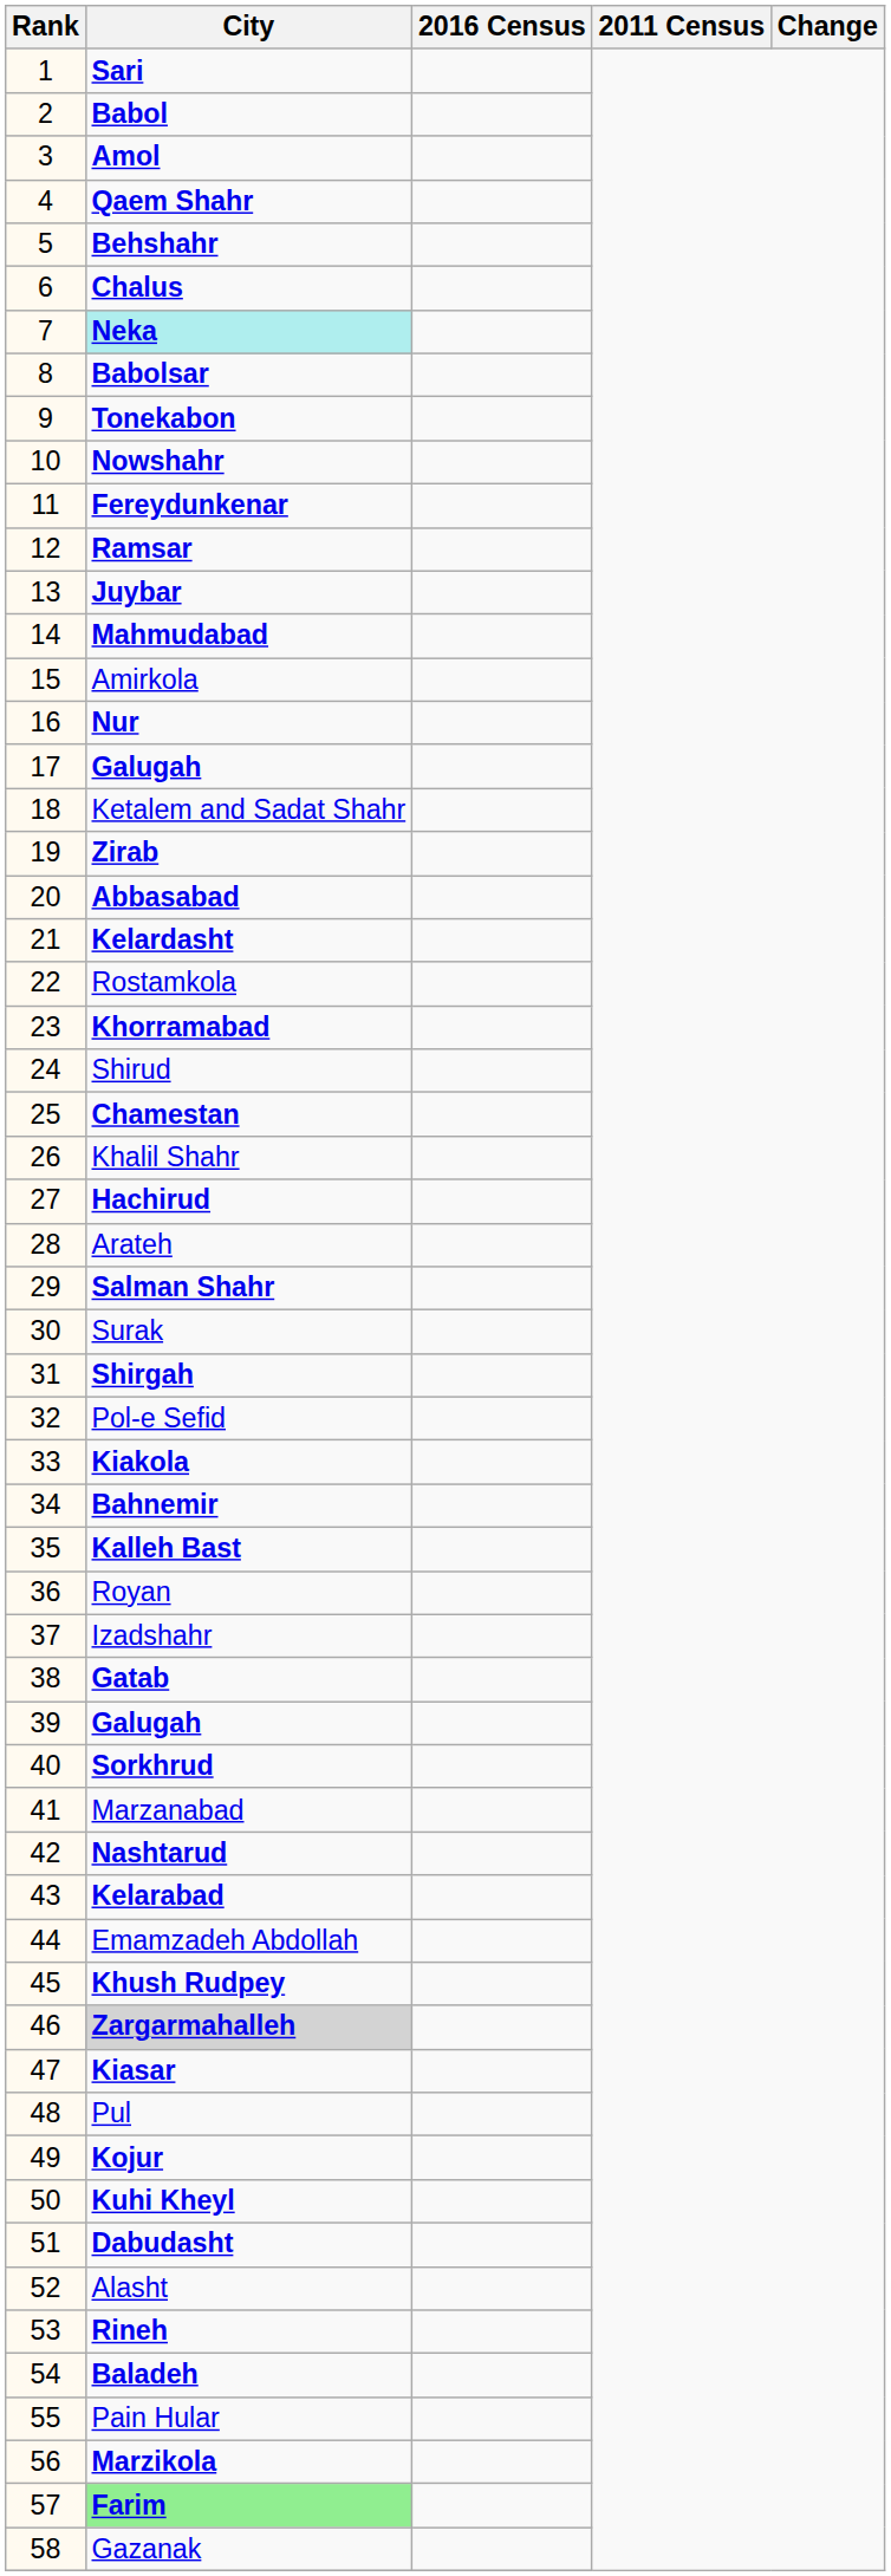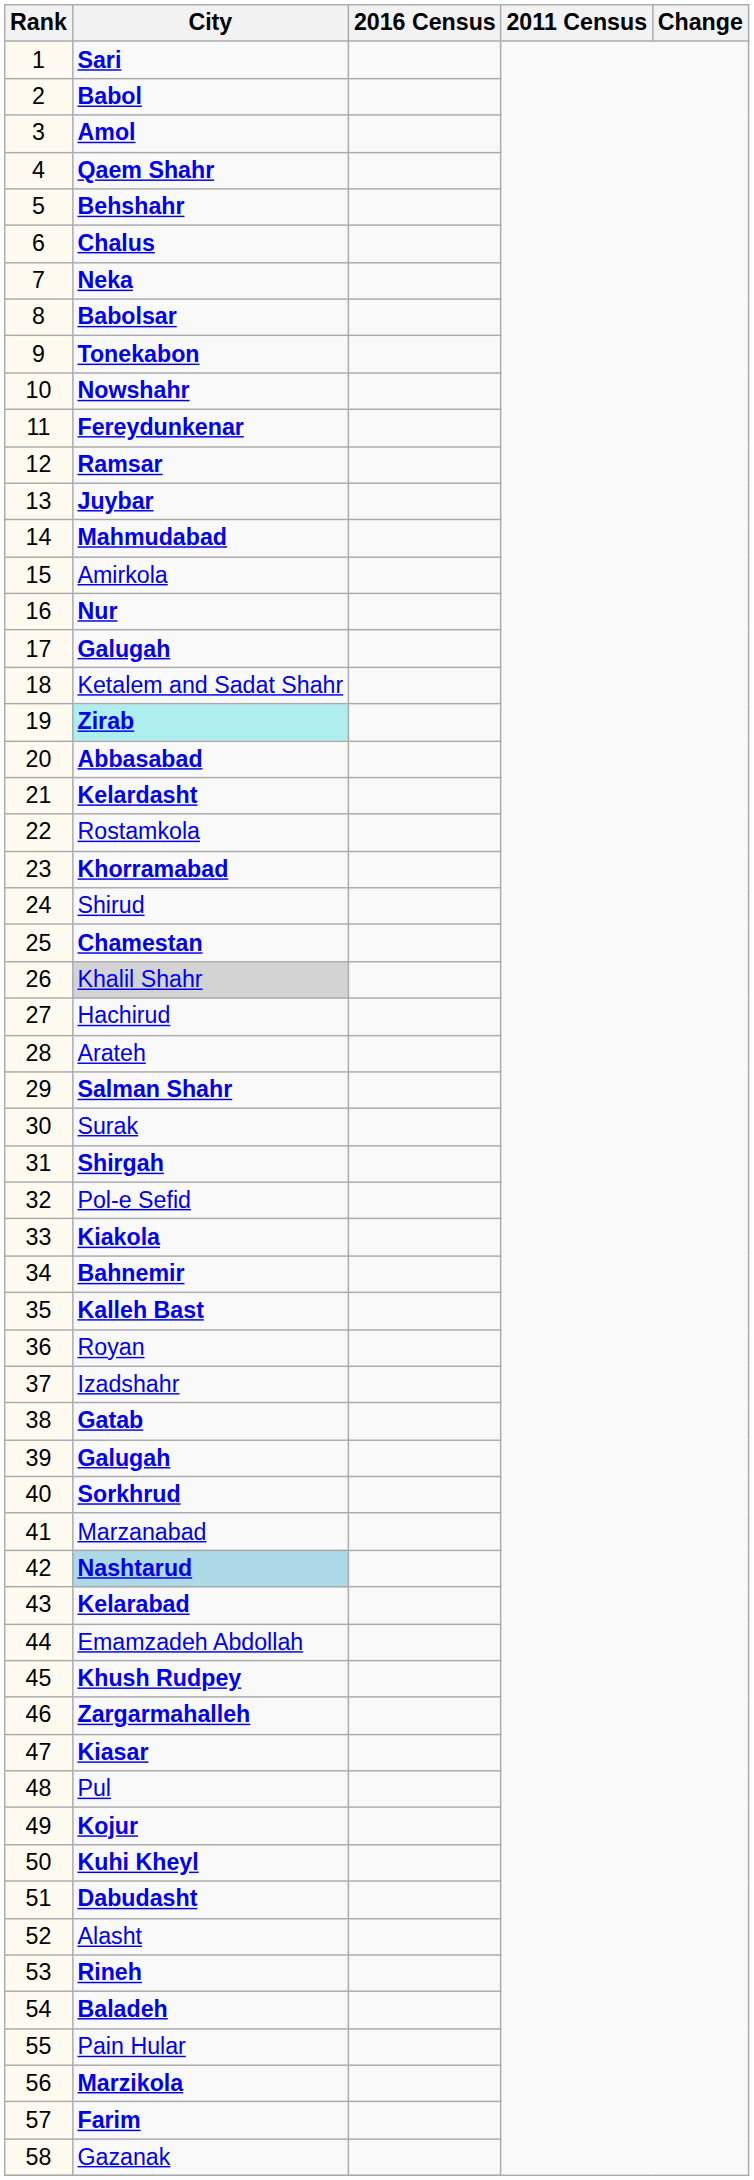 <table class="wikitable sortable">
 <tr>
 <th>Rank</th>
 <th>City</th>
 <th>2016 Census</th>
 <th>2011 Census</th>
 <th>Change</th>
 </tr>
 <tr>
 <td align=center bgcolor="FFFAF0">1</td>
 <td><strong><a href='#'>Sari</a></strong></td>
 <td></td>
 </tr>
 <tr>
 <td align=center bgcolor="FFFAF0">2</td>
 <td><strong><a href='#'>Babol</a></strong></td>
 <td></td>
 </tr>
 <tr>
 <td align=center bgcolor="FFFAF0">3</td>
 <td><strong><a href='#'>Amol</a></strong></td>
 <td></td>
 </tr>
 <tr>
 <td align=center bgcolor="FFFAF0">4</td>
 <td><strong><a href='#'>Qaem Shahr</a></strong></td>
 <td></td>
 </tr>
 <tr>
 <td align=center bgcolor="FFFAF0">5</td>
 <td><strong><a href='#'>Behshahr</a></strong></td>
 <td></td>
 </tr>
 <tr>
 <td align=center bgcolor="FFFAF0">6</td>
 <td><strong><a href='#'>Chalus</a></strong></td>
 <td></td>
 </tr>
 <tr>
 <td align=center bgcolor="FFFAF0">7</td>
-<td style="background: paleturquoise;"><strong><a href='#'>Neka</a></strong></td>
+<td><strong><a href='#'>Neka</a></strong></td>
 <td></td>
 </tr>
 <tr>
 <td align=center bgcolor="FFFAF0">8</td>
 <td><strong><a href='#'>Babolsar</a></strong></td>
 <td></td>
 </tr>
 <tr>
 <td align=center bgcolor="FFFAF0">9</td>
 <td><strong><a href='#'>Tonekabon</a></strong></td>
 <td></td>
 </tr>
 <tr>
 <td align=center bgcolor="FFFAF0">10</td>
 <td><strong><a href='#'>Nowshahr</a></strong></td>
 <td></td>
 </tr>
 <tr>
 <td align=center bgcolor="FFFAF0">11</td>
 <td><strong><a href='#'>Fereydunkenar</a></strong></td>
 <td></td>
 </tr>
 <tr>
 <td align=center bgcolor="FFFAF0">12</td>
 <td><strong><a href='#'>Ramsar</a></strong></td>
 <td></td>
 </tr>
 <tr>
 <td align=center bgcolor="FFFAF0">13</td>
 <td><strong><a href='#'>Juybar</a></strong></td>
 <td></td>
 </tr>
 <tr>
 <td align=center bgcolor="FFFAF0">14</td>
 <td><strong><a href='#'>Mahmudabad</a></strong></td>
 <td></td>
 </tr>
 <tr>
 <td align=center bgcolor="FFFAF0">15</td>
 <td><a href='#'>Amirkola</a></td>
 <td></td>
 </tr>
 <tr>
 <td align=center bgcolor="FFFAF0">16</td>
 <td><strong><a href='#'>Nur</a></strong></td>
 <td></td>
 </tr>
 <tr>
 <td align=center bgcolor="FFFAF0">17</td>
 <td><strong><a href='#'>Galugah</a></strong></td>
 <td></td>
 </tr>
 <tr>
 <td align=center bgcolor="FFFAF0">18</td>
 <td><a href='#'>Ketalem and Sadat Shahr</a></td>
 <td></td>
 </tr>
 <tr>
 <td align=center bgcolor="FFFAF0">19</td>
-<td><strong><a href='#'>Zirab</a></strong></td>
+<td style="background: paleturquoise;"><strong><a href='#'>Zirab</a></strong></td>
 <td></td>
 </tr>
 <tr>
 <td align=center bgcolor="FFFAF0">20</td>
 <td><strong><a href='#'>Abbasabad</a></strong></td>
 <td></td>
 </tr>
 <tr>
 <td align=center bgcolor="FFFAF0">21</td>
 <td><strong><a href='#'>Kelardasht</a></strong></td>
 <td></td>
 </tr>
 <tr>
 <td align=center bgcolor="FFFAF0">22</td>
 <td><a href='#'>Rostamkola</a></td>
 <td></td>
 </tr>
 <tr>
 <td align=center bgcolor="FFFAF0">23</td>
 <td><strong><a href='#'>Khorramabad</a></strong></td>
 <td></td>
 </tr>
 <tr>
 <td align=center bgcolor="FFFAF0">24</td>
 <td><a href='#'>Shirud</a></td>
 <td></td>
 </tr>
 <tr>
 <td align=center bgcolor="FFFAF0">25</td>
 <td><strong><a href='#'>Chamestan</a></strong></td>
 <td></td>
 </tr>
 <tr>
 <td align=center bgcolor="FFFAF0">26</td>
-<td><a href='#'>Khalil Shahr</a></td>
+<td style="background: lightgrey;"><a href='#'>Khalil Shahr</a></td>
 <td></td>
 </tr>
 <tr>
 <td align=center bgcolor="FFFAF0">27</td>
-<td><strong><a href='#'>Hachirud</a></strong></td>
+<td><a href='#'>Hachirud</a></td>
 <td></td>
 </tr>
 <tr>
 <td align=center bgcolor="FFFAF0">28</td>
 <td><a href='#'>Arateh</a></td>
 <td></td>
 </tr>
 <tr>
 <td align=center bgcolor="FFFAF0">29</td>
 <td><strong><a href='#'>Salman Shahr</a></strong></td>
 <td></td>
 </tr>
 <tr>
 <td align=center bgcolor="FFFAF0">30</td>
 <td><a href='#'>Surak</a></td>
 <td></td>
 </tr>
 <tr>
 <td align=center bgcolor="FFFAF0">31</td>
 <td><strong><a href='#'>Shirgah</a></strong></td>
 <td></td>
 </tr>
 <tr>
 <td align=center bgcolor="FFFAF0">32</td>
 <td><a href='#'>Pol-e Sefid</a></td>
 <td></td>
 </tr>
 <tr>
 <td align=center bgcolor="FFFAF0">33</td>
 <td><strong><a href='#'>Kiakola</a></strong></td>
 <td></td>
 </tr>
 <tr>
 <td align=center bgcolor="FFFAF0">34</td>
 <td><strong><a href='#'>Bahnemir</a></strong></td>
 <td></td>
 </tr>
 <tr>
 <td align="center" bgcolor="FFFAF0">35</td>
 <td><strong><a href='#'>Kalleh Bast</a></strong></td>
 <td></td>
 </tr>
 <tr>
 <td align=center bgcolor="FFFAF0">36</td>
 <td><a href='#'>Royan</a></td>
 <td></td>
 </tr>
 <tr>
 <td align=center bgcolor="FFFAF0">37</td>
 <td><a href='#'>Izadshahr</a></td>
 <td></td>
 </tr>
 <tr>
 <td align=center bgcolor="FFFAF0">38</td>
 <td><strong><a href='#'>Gatab</a></strong></td>
 <td></td>
 </tr>
 <tr>
 <td align="center" bgcolor="FFFAF0">39</td>
 <td><strong><a href='#'>Galugah</a></strong></td>
 <td></td>
 </tr>
 <tr>
 <td align=center bgcolor="FFFAF0">40</td>
 <td><strong><a href='#'>Sorkhrud</a></strong></td>
 <td></td>
 </tr>
 <tr>
 <td align=center bgcolor="FFFAF0">41</td>
 <td><a href='#'>Marzanabad</a></td>
 <td></td>
 </tr>
 <tr>
 <td align=center bgcolor="FFFAF0">42</td>
-<td><strong><a href='#'>Nashtarud</a></strong></td>
+<td style="background: lightblue;"><strong><a href='#'>Nashtarud</a></strong></td>
 <td></td>
 </tr>
 <tr>
 <td align=center bgcolor="FFFAF0">43</td>
 <td><strong><a href='#'>Kelarabad</a></strong></td>
 <td></td>
 </tr>
 <tr>
 <td align=center bgcolor="FFFAF0">44</td>
 <td><a href='#'>Emamzadeh Abdollah</a></td>
 <td></td>
 </tr>
 <tr>
 <td align="center" bgcolor="FFFAF0">45</td>
 <td><strong><a href='#'>Khush Rudpey</a></strong></td>
 <td></td>
 </tr>
 <tr>
 <td align="center" bgcolor="FFFAF0">46</td>
-<td style="background: lightgrey;"><strong><a href='#'>Zargarmahalleh</a></strong></td>
+<td><strong><a href='#'>Zargarmahalleh</a></strong></td>
 <td></td>
 </tr>
 <tr>
 <td align="center" bgcolor="FFFAF0">47</td>
 <td><strong><a href='#'>Kiasar</a></strong></td>
 <td></td>
 </tr>
 <tr>
 <td align="center" bgcolor="FFFAF0">48</td>
 <td><a href='#'>Pul</a></td>
 <td></td>
 </tr>
 <tr>
 <td align="center" bgcolor="FFFAF0">49</td>
 <td><strong><a href='#'>Kojur</a></strong></td>
 <td></td>
 </tr>
 <tr>
 <td align=center bgcolor="FFFAF0">50</td>
 <td><strong><a href='#'>Kuhi Kheyl</a></strong></td>
 <td></td>
 </tr>
 <tr>
 <td align="center" bgcolor="FFFAF0">51</td>
 <td><strong><a href='#'>Dabudasht</a></strong></td>
 <td></td>
 </tr>
 <tr>
 <td align="center" bgcolor="FFFAF0">52</td>
 <td><a href='#'>Alasht</a></td>
 <td></td>
 </tr>
 <tr>
 <td align="center" bgcolor="FFFAF0">53</td>
 <td><strong><a href='#'>Rineh</a></strong></td>
 <td></td>
 </tr>
 <tr>
 <td align=center bgcolor="FFFAF0">54</td>
 <td><strong><a href='#'>Baladeh</a></strong></td>
 <td></td>
 </tr>
 <tr>
 <td align=center bgcolor="FFFAF0">55</td>
 <td><a href='#'>Pain Hular</a></td>
 <td></td>
 </tr>
 <tr>
 <td align=center bgcolor="FFFAF0">56</td>
 <td><strong><a href='#'>Marzikola</a></strong></td>
 <td></td>
 </tr>
 <tr>
 <td align="center" bgcolor="FFFAF0">57</td>
-<td style="background: lightgreen;"><strong><a href='#'>Farim</a></strong></td>
+<td><strong><a href='#'>Farim</a></strong></td>
 <td></td>
 </tr>
 <tr>
 <td align=center bgcolor="FFFAF0">58</td>
 <td><a href='#'>Gazanak</a></td>
 <td></td>
 </tr>
 <tr>
 </tr>
 </table>
